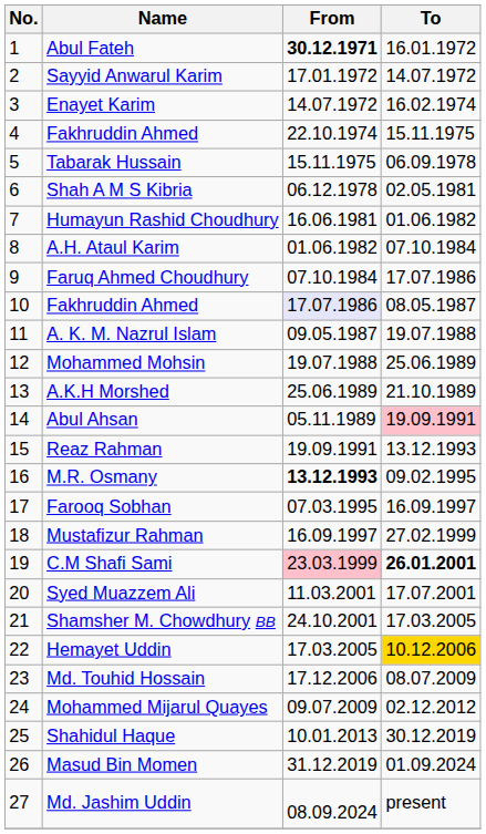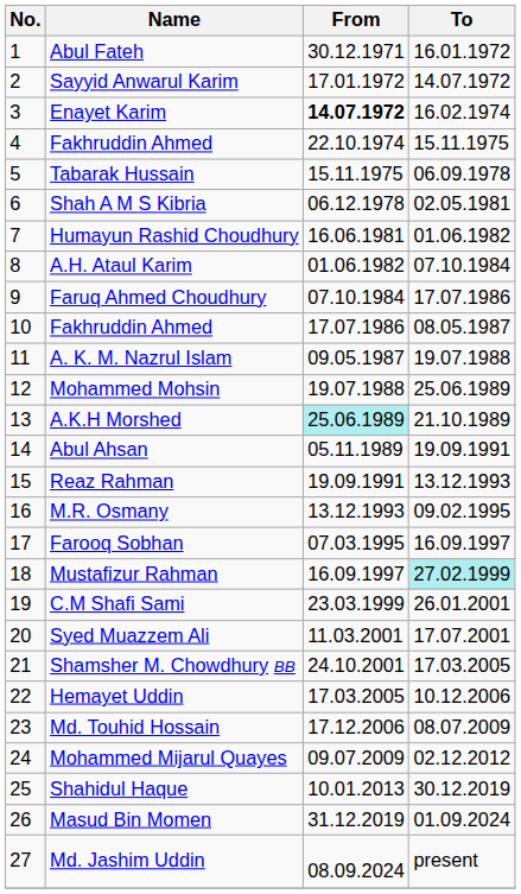 <table class="wikitable">
 <tr>
 <th>No.</th>
 <th>Name</th>
 <th>From</th>
 <th>To</th>
 </tr>
 <tr>
 <td>1</td>
 <td><a href='#'>Abul Fateh</a></td>
-<td><strong>30.12.1971</strong></td>
+<td>30.12.1971</td>
 <td>16.01.1972</td>
 </tr>
 <tr>
 <td>2</td>
 <td><a href='#'>Sayyid Anwarul Karim</a></td>
 <td>17.01.1972</td>
 <td>14.07.1972</td>
 </tr>
 <tr>
 <td>3</td>
 <td><a href='#'>Enayet Karim</a></td>
-<td>14.07.1972</td>
+<td><strong>14.07.1972</strong></td>
 <td>16.02.1974</td>
 </tr>
 <tr>
 <td>4</td>
 <td><a href='#'>Fakhruddin Ahmed</a></td>
 <td>22.10.1974</td>
 <td>15.11.1975</td>
 </tr>
 <tr>
 <td>5</td>
 <td><a href='#'>Tabarak Hussain</a></td>
 <td>15.11.1975</td>
 <td>06.09.1978</td>
 </tr>
 <tr>
 <td>6</td>
 <td><a href='#'>Shah A M S Kibria</a></td>
 <td>06.12.1978</td>
 <td>02.05.1981</td>
 </tr>
 <tr>
 <td>7</td>
 <td><a href='#'>Humayun Rashid Choudhury</a></td>
 <td>16.06.1981</td>
 <td>01.06.1982</td>
 </tr>
 <tr>
 <td>8</td>
 <td><a href='#'>A.H. Ataul Karim</a></td>
 <td>01.06.1982</td>
 <td>07.10.1984</td>
 </tr>
 <tr>
 <td>9</td>
 <td><a href='#'>Faruq Ahmed Choudhury</a></td>
 <td>07.10.1984</td>
 <td>17.07.1986</td>
 </tr>
 <tr>
 <td>10</td>
 <td><a href='#'>Fakhruddin Ahmed</a></td>
-<td style="background: lavender;">17.07.1986</td>
+<td>17.07.1986</td>
 <td>08.05.1987</td>
 </tr>
 <tr>
 <td>11</td>
 <td><a href='#'>A. K. M. Nazrul Islam</a></td>
 <td>09.05.1987</td>
 <td>19.07.1988</td>
 </tr>
 <tr>
 <td>12</td>
 <td><a href='#'>Mohammed Mohsin</a></td>
 <td>19.07.1988</td>
 <td>25.06.1989</td>
 </tr>
 <tr>
 <td>13</td>
 <td><a href='#'>A.K.H Morshed</a></td>
-<td>25.06.1989</td>
+<td style="background: paleturquoise;">25.06.1989</td>
 <td>21.10.1989</td>
 </tr>
 <tr>
 <td>14</td>
 <td><a href='#'>Abul Ahsan</a></td>
 <td>05.11.1989</td>
-<td style="background: pink;">19.09.1991</td>
+<td>19.09.1991</td>
 </tr>
 <tr>
 <td>15</td>
 <td><a href='#'>Reaz Rahman</a></td>
 <td>19.09.1991</td>
 <td>13.12.1993</td>
 </tr>
 <tr>
 <td>16</td>
 <td><a href='#'>M.R. Osmany</a></td>
-<td><strong>13.12.1993</strong></td>
+<td>13.12.1993</td>
 <td>09.02.1995</td>
 </tr>
 <tr>
 <td>17</td>
 <td><a href='#'>Farooq Sobhan</a></td>
 <td>07.03.1995</td>
 <td>16.09.1997</td>
 </tr>
 <tr>
 <td>18</td>
 <td><a href='#'>Mustafizur Rahman</a></td>
 <td>16.09.1997</td>
-<td>27.02.1999</td>
+<td style="background: paleturquoise;">27.02.1999</td>
 </tr>
 <tr>
 <td>19</td>
 <td><a href='#'>C.M Shafi Sami</a></td>
-<td style="background: pink;">23.03.1999</td>
-<td><strong>26.01.2001</strong></td>
+<td>23.03.1999</td>
+<td>26.01.2001</td>
 </tr>
 <tr>
 <td>20</td>
 <td><a href='#'>Syed Muazzem Ali</a></td>
 <td>11.03.2001</td>
 <td>17.07.2001</td>
 </tr>
 <tr>
 <td>21</td>
 <td><a href='#'>Shamsher M. Chowdhury</a> <em><small><a href='#'>BB</a></small></em></td>
 <td>24.10.2001</td>
 <td>17.03.2005</td>
 </tr>
 <tr>
 <td>22</td>
 <td><a href='#'>Hemayet Uddin</a></td>
 <td>17.03.2005</td>
-<td style="background: gold;">10.12.2006</td>
+<td>10.12.2006</td>
 </tr>
 <tr>
 <td>23</td>
 <td><a href='#'>Md. Touhid Hossain</a></td>
 <td>17.12.2006</td>
 <td>08.07.2009</td>
 </tr>
 <tr>
 <td>24</td>
 <td><a href='#'>Mohammed Mijarul Quayes</a></td>
 <td>09.07.2009</td>
 <td>02.12.2012</td>
 </tr>
 <tr>
 <td>25</td>
 <td><a href='#'>Shahidul Haque</a></td>
 <td>10.01.2013</td>
 <td>30.12.2019</td>
 </tr>
 <tr>
 <td>26</td>
 <td><a href='#'>Masud Bin Momen</a></td>
 <td>31.12.2019</td>
 <td>01.09.2024</td>
 </tr>
 <tr>
 <td>27</td>
 <td><a href='#'>Md. Jashim Uddin</a></td>
 <td><br>08.09.2024</td>
 <td>present</td>
 </tr>
 <tr>
 </tr>
 </table>
